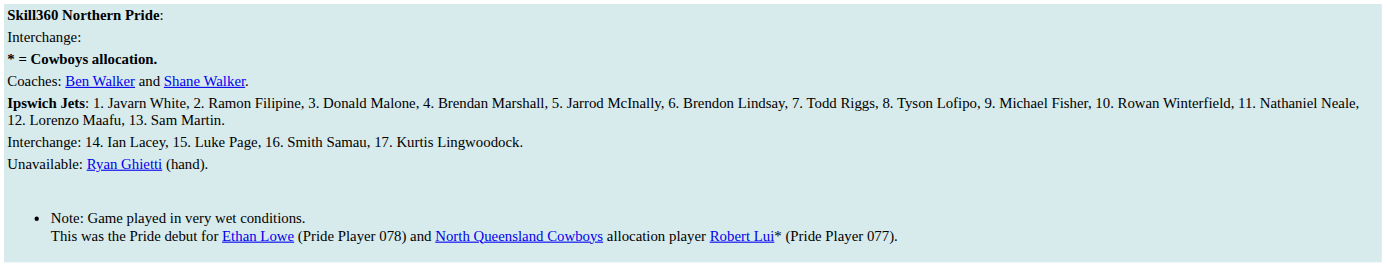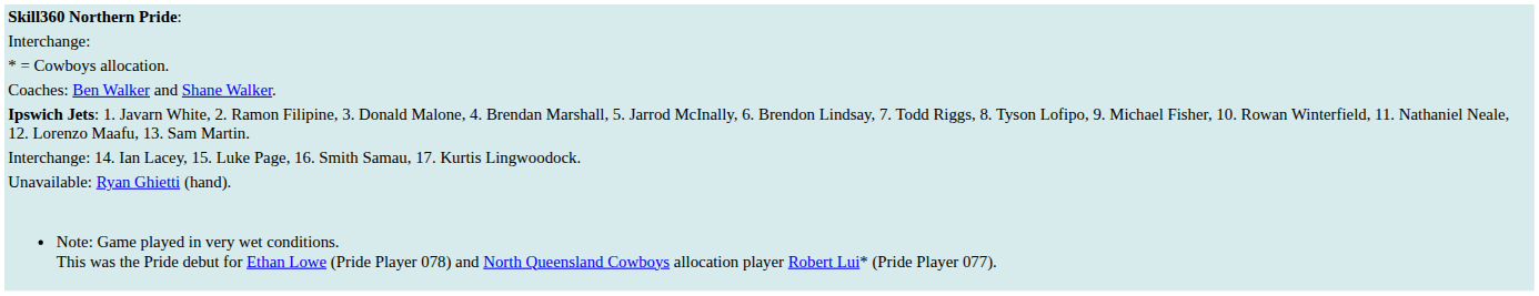 <table style="background:#d7ebed; font-size:85%; width:100%;">
 <tr>
 <td><strong>Skill360 Northern Pride</strong>:             </td>
 </tr>
 <tr>
 <td>Interchange:    </td>
 </tr>
 <tr>
-<td><strong>* = Cowboys allocation.</strong></td>
+<td>* = Cowboys allocation.</td>
 </tr>
 <tr>
 <td>Coaches: <a href='#'>Ben Walker</a> and <a href='#'>Shane Walker</a>.</td>
 </tr>
 <tr>
 <td><strong>Ipswich Jets</strong>: 1. Javarn White, 2. Ramon Filipine, 3. Donald Malone, 4. Brendan Marshall, 5. Jarrod McInally, 6. Brendon Lindsay, 7. Todd Riggs, 8. Tyson Lofipo, 9. Michael Fisher, 10. Rowan Winterfield, 11. Nathaniel Neale, 12. Lorenzo Maafu, 13. Sam Martin.</td>
 </tr>
 <tr>
 <td>Interchange: 14. Ian Lacey, 15. Luke Page, 16. Smith Samau, 17. Kurtis Lingwoodock.</td>
 </tr>
 <tr>
 <td>Unavailable: <a href='#'>Ryan Ghietti</a> (hand).</td>
 </tr>
 <tr>
 <td><br><ul><li>Note: Game played in very wet conditions.<br>This was the Pride debut for <a href='#'>Ethan Lowe</a> (Pride Player 078) and <a href='#'>North Queensland Cowboys</a> allocation player <a href='#'>Robert Lui</a>* (Pride Player 077).</li></ul></td>
 </tr>
 </table>
